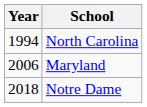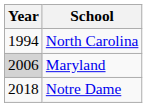 <table class="wikitable">
 <tr>
 <th>Year</th>
 <th>School</th>
 </tr>
 <tr>
 <td>1994</td>
 <td><a href='#'>North Carolina</a></td>
 </tr>
 <tr>
-<td>2006</td>
+<td style="background: lightgrey;">2006</td>
 <td><a href='#'>Maryland</a></td>
 </tr>
 <tr>
 <td>2018</td>
 <td><a href='#'>Notre Dame</a></td>
 </tr>
 </table>
